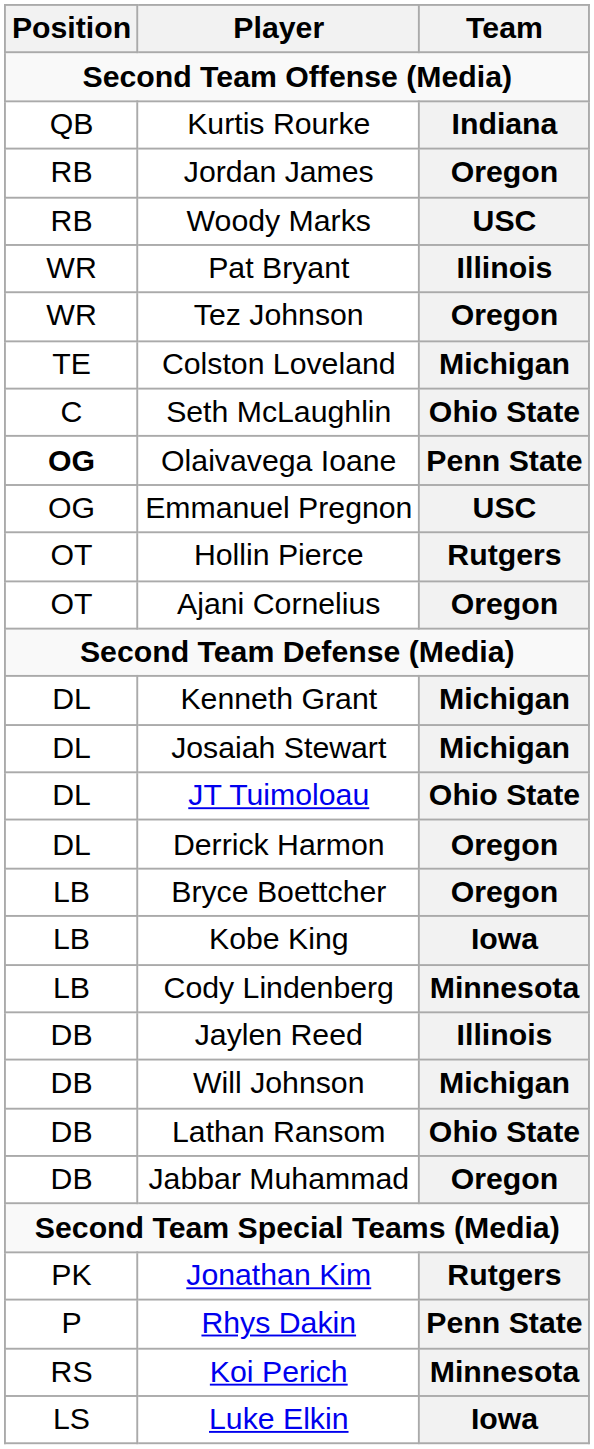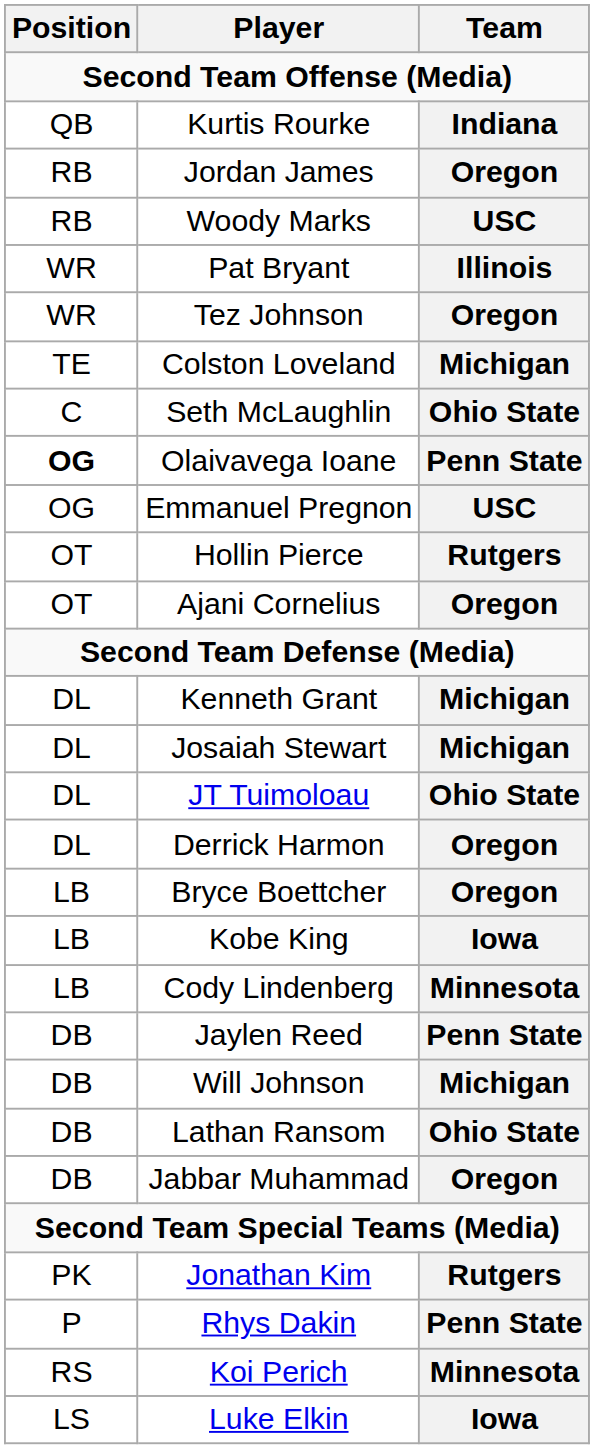 <table class="wikitable sortable">
 <tr>
 <th>Position</th>
 <th>Player</th>
 <th>Team</th>
 </tr>
 <tr>
 <td colspan="3" style="text-align:center; "><strong>Second Team Offense (Media)</strong></td>
 </tr>
 <tr style="text-align:center;">
 <td style="background:white">QB</td>
 <td style="background:white">Kurtis Rourke</td>
 <th>Indiana</th>
 </tr>
 <tr style="text-align:center;">
 <td style="background:white">RB</td>
 <td style="background:white">Jordan James</td>
 <th>Oregon</th>
 </tr>
 <tr style="text-align:center;">
 <td style="background:white">RB</td>
 <td style="background:white">Woody Marks</td>
 <th>USC</th>
 </tr>
 <tr style="text-align:center;">
 <td style="background:white">WR</td>
 <td style="background:white">Pat Bryant</td>
 <th>Illinois</th>
 </tr>
 <tr style="text-align:center;">
 <td style="background:white">WR</td>
 <td style="background:white">Tez Johnson</td>
 <th>Oregon</th>
 </tr>
 <tr style="text-align:center;">
 <td style="background:white">TE</td>
 <td style="background:white">Colston Loveland</td>
 <th>Michigan</th>
 </tr>
 <tr style="text-align:center;">
 <td style="background:white">C</td>
 <td style="background:white">Seth McLaughlin</td>
 <th>Ohio State</th>
 </tr>
 <tr style="text-align:center;">
 <td style="background:white"><strong>OG</strong></td>
 <td style="background:white">Olaivavega Ioane</td>
 <th>Penn State</th>
 </tr>
 <tr style="text-align:center;">
 <td style="background:white">OG</td>
 <td style="background:white">Emmanuel Pregnon</td>
 <th>USC</th>
 </tr>
 <tr style="text-align:center;">
 <td style="background:white">OT</td>
 <td style="background:white">Hollin Pierce</td>
 <th>Rutgers</th>
 </tr>
 <tr style="text-align:center;">
 <td style="background:white">OT</td>
 <td style="background:white">Ajani Cornelius</td>
 <th>Oregon</th>
 </tr>
 <tr>
 <td colspan="3" style="text-align:center; "><strong>Second Team Defense (Media)</strong></td>
 </tr>
 <tr style="text-align:center;">
 <td style="background:white">DL</td>
 <td style="background:white">Kenneth Grant</td>
 <th>Michigan</th>
 </tr>
 <tr style="text-align:center;">
 <td style="background:white">DL</td>
 <td style="background:white">Josaiah Stewart</td>
 <th>Michigan</th>
 </tr>
 <tr style="text-align:center;">
 <td style="background:white">DL</td>
 <td style="background:white"><a href='#'>JT Tuimoloau</a></td>
 <th>Ohio State</th>
 </tr>
 <tr style="text-align:center;">
 <td style="background:white">DL</td>
 <td style="background:white">Derrick Harmon</td>
 <th>Oregon</th>
 </tr>
 <tr style="text-align:center;">
 <td style="background:white">LB</td>
 <td style="background:white">Bryce Boettcher</td>
 <th>Oregon</th>
 </tr>
 <tr style="text-align:center;">
 <td style="background:white">LB</td>
 <td style="background:white">Kobe King</td>
 <th>Iowa</th>
 </tr>
 <tr style="text-align:center;">
 <td style="background:white">LB</td>
 <td style="background:white">Cody Lindenberg</td>
 <th>Minnesota</th>
 </tr>
 <tr style="text-align:center;">
 <td style="background:white">DB</td>
 <td style="background:white">Jaylen Reed</td>
-<th>Illinois</th>
+<th>Penn State</th>
 </tr>
 <tr style="text-align:center;">
 <td style="background:white">DB</td>
 <td style="background:white">Will Johnson</td>
 <th>Michigan</th>
 </tr>
 <tr style="text-align:center;">
 <td style="background:white">DB</td>
 <td style="background:white">Lathan Ransom</td>
 <th>Ohio State</th>
 </tr>
 <tr style="text-align:center;">
 <td style="background:white">DB</td>
 <td style="background:white">Jabbar Muhammad</td>
 <th>Oregon</th>
 </tr>
 <tr>
 <td colspan="4" style="text-align:center; "><strong>Second Team Special Teams (Media)</strong></td>
 </tr>
 <tr style="text-align:center;">
 <td style="background:white">PK</td>
 <td style="background:white"><a href='#'>Jonathan Kim</a></td>
 <th>Rutgers</th>
 </tr>
 <tr style="text-align:center;">
 <td style="background:white">P</td>
 <td style="background:white"><a href='#'>Rhys Dakin</a></td>
 <th>Penn State</th>
 </tr>
 <tr style="text-align:center;">
 <td style="background:white">RS</td>
 <td style="background:white"><a href='#'>Koi Perich</a></td>
 <th>Minnesota</th>
 </tr>
 <tr style="text-align:center;">
 <td style="background:white">LS</td>
 <td style="background:white"><a href='#'>Luke Elkin</a></td>
 <th>Iowa</th>
 </tr>
 </table>
